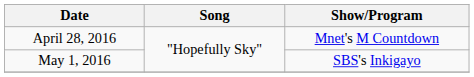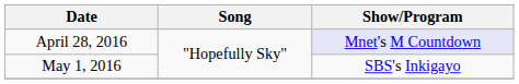 <table class="wikitable plainrowheaders" style="text-align:center">
 <tr>
 <th style="width:150px;">Date</th>
 <th style="width:150px;">Song</th>
 <th style="width:200px;">Show/Program</th>
 </tr>
 <tr>
 <td>April 28, 2016</td>
 <td rowspan=2>"Hopefully Sky"</td>
-<td><a href='#'>Mnet</a>'s <a href='#'>M Countdown</a></td>
+<td style="background: lavender;"><a href='#'>Mnet</a>'s <a href='#'>M Countdown</a></td>
 </tr>
 <tr>
 <td>May 1, 2016</td>
 <td><a href='#'>SBS</a>'s <a href='#'>Inkigayo</a></td>
 </tr>
 <tr>
 </tr>
 </table>
